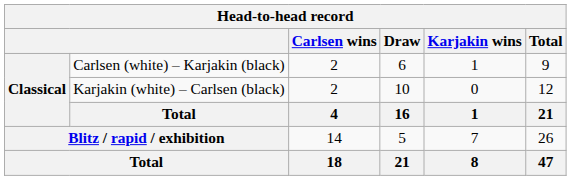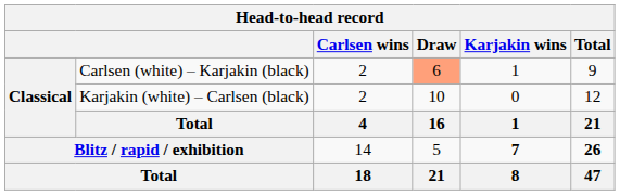 <table class="wikitable">
 <tr>
 <th colspan=6>Head-to-head record</th>
 </tr>
 <tr>
 <th colspan=2></th>
 <th><a href='#'>Carlsen</a> wins</th>
 <th>Draw</th>
 <th><a href='#'>Karjakin</a> wins</th>
 <th>Total</th>
 </tr>
 <tr align=center>
 <th rowspan=3>Classical</th>
 <td>Carlsen (white) – Karjakin (black)</td>
 <td>2</td>
-<td>6</td>
+<td style="background: lightsalmon;">6</td>
 <td>1</td>
 <td>9</td>
 </tr>
 <tr align=center>
 <td>Karjakin (white) – Carlsen (black)</td>
 <td>2</td>
 <td>10</td>
 <td>0</td>
 <td>12</td>
 </tr>
 <tr>
 <th>Total</th>
 <th>4</th>
 <th>16</th>
 <th>1</th>
 <th>21</th>
 </tr>
 <tr align=center>
 <th colspan=2><a href='#'>Blitz</a> / <a href='#'>rapid</a> / exhibition</th>
 <td>14</td>
 <td>5</td>
-<td>7</td>
-<td>26</td>
+<td><strong>7</strong></td>
+<td><strong>26</strong></td>
 </tr>
 <tr>
 <th colspan=2>Total</th>
 <th>18</th>
 <th>21</th>
 <th>8</th>
 <th>47</th>
 </tr>
 </table>
